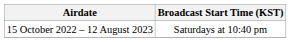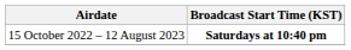 <table class=wikitable style=text-align:center;background:#ffffff>
 <tr>
 <th>Airdate</th>
 <th>Broadcast Start Time (KST)</th>
 </tr>
 <tr>
 <td>15 October 2022 – 12 August 2023</td>
-<td>Saturdays at 10:40 pm</td>
+<td><strong>Saturdays at 10:40 pm</strong></td>
 </tr>
 <tr>
 </tr>
 </table>
